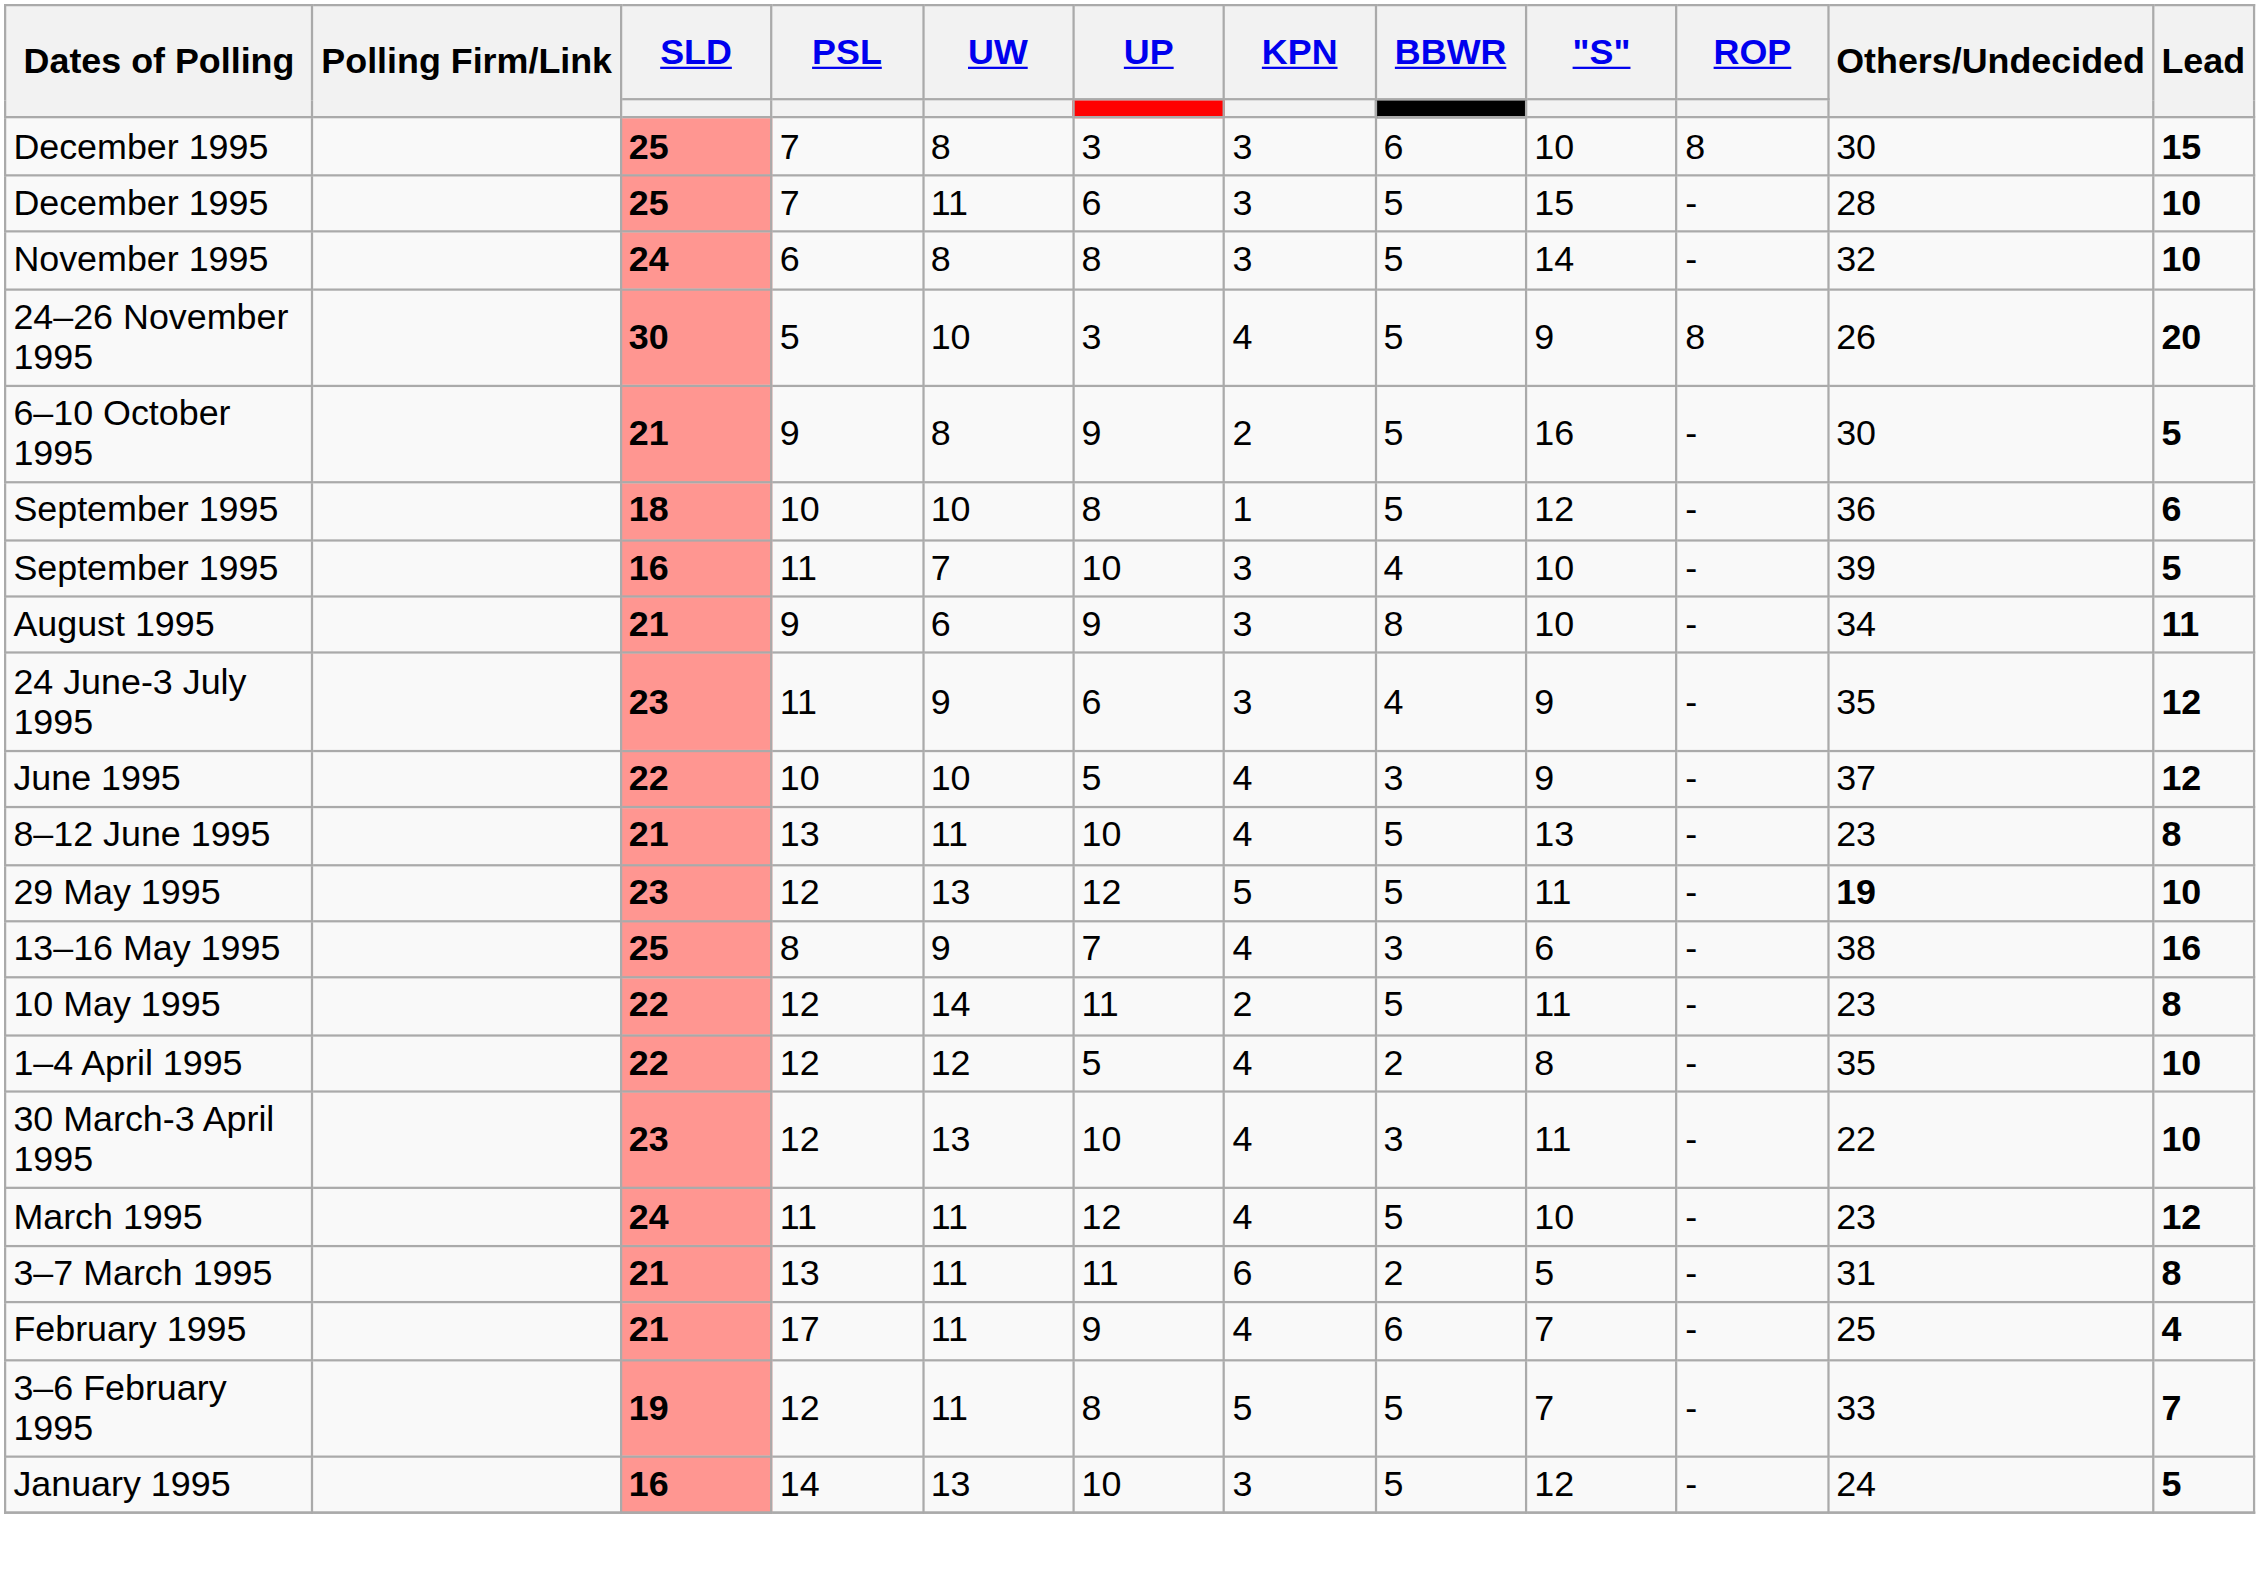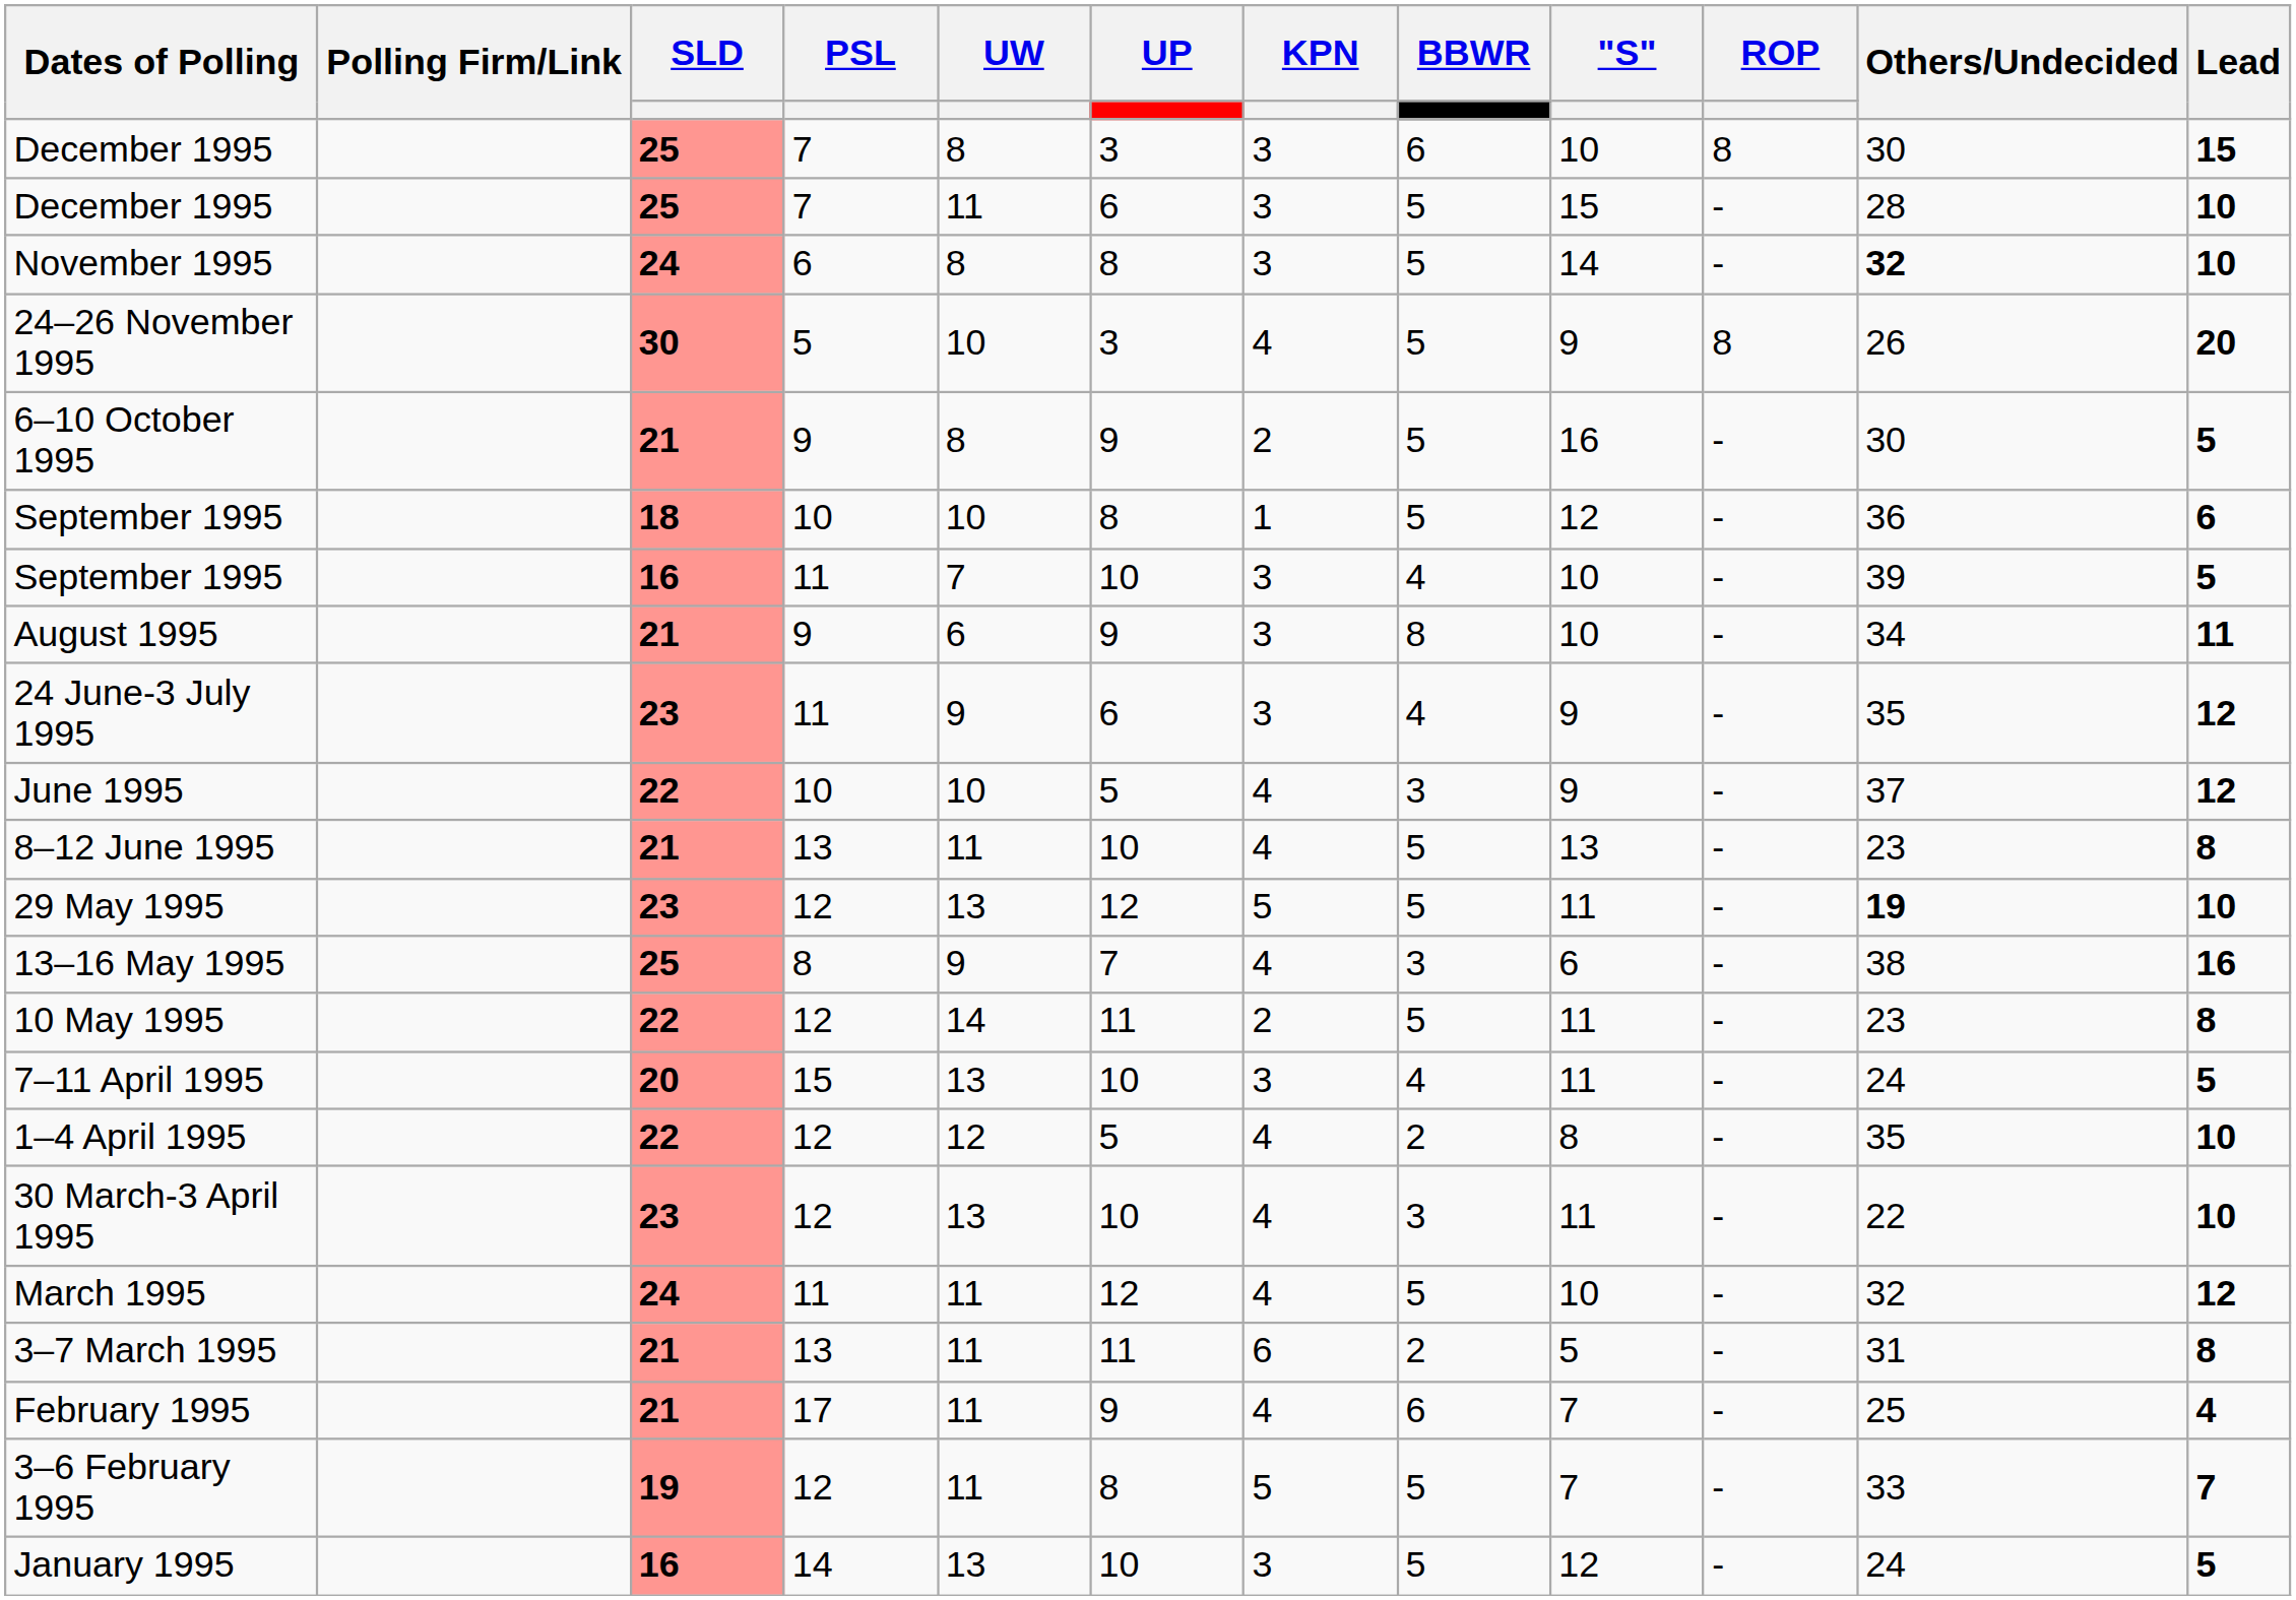 <table class="wikitable sortable collapsible">
 <tr style="height:42px; text-align:center; background-color:#E9E9E9">
 <th rowspan="2" data-sort-type="date" style="width:130px;">Dates of Polling</th>
 <th rowspan="2" style="width:130px;">Polling Firm/Link</th>
 <th style="width:60px;" class="unsortable"><a href='#'>SLD</a></th>
 <th style="width:60px;" class="unsortable"><a href='#'>PSL</a></th>
 <th style="width:60px;" class="unsortable"><a href='#'>UW</a></th>
 <th style="width:60px;" class="unsortable"><a href='#'>UP</a></th>
 <th style="width:60px;" class="unsortable"><a href='#'>KPN</a></th>
 <th style="width:60px;" class="unsortable"><a href='#'>BBWR</a></th>
 <th style="width:60px;" class="unsortable"><a href='#'>"S"</a></th>
 <th style="width:60px;" class="unsortable"><a href='#'>ROP</a></th>
 <th rowspan="2" data-sort-type="number" style="width:40px;">Others/Undecided</th>
 <th rowspan="2" data-sort-type="number" style="width:30px;">Lead</th>
 </tr>
 <tr>
 <th data-sort-type="number" style="height:1px; background:"></th>
 <th data-sort-type="number" style="height:1px; background:"></th>
 <th data-sort-type="number" style="height:1px; background:"></th>
 <th data-sort-type="number" style="height:1px; background:Red;"></th>
 <th data-sort-type="number" style="height:1px; background:"></th>
 <th data-sort-type="number" style="height:1px; background:Black;"></th>
 <th data-sort-type="number" style="height:1px; background:"></th>
 <th data-sort-type="number" style="height:1px; background:"></th>
 </tr>
 <tr>
 <td>December 1995</td>
 <td></td>
 <td style="background:#FF9691"><strong>25</strong></td>
 <td>7</td>
 <td>8</td>
 <td>3</td>
 <td>3</td>
 <td>6</td>
 <td>10</td>
 <td>8</td>
 <td>30</td>
 <td style="background:"><strong>15</strong></td>
 </tr>
 <tr>
 <td>December 1995</td>
 <td></td>
 <td style="background:#FF9691"><strong>25</strong></td>
 <td>7</td>
 <td>11</td>
 <td>6</td>
 <td>3</td>
 <td>5</td>
 <td>15</td>
 <td>-</td>
 <td>28</td>
 <td style="background:"><strong>10</strong></td>
 </tr>
 <tr>
 <td>November 1995</td>
 <td></td>
 <td style="background:#FF9691"><strong>24</strong></td>
 <td>6</td>
 <td>8</td>
 <td>8</td>
 <td>3</td>
 <td>5</td>
 <td>14</td>
 <td>-</td>
-<td>32</td>
+<td><strong>32</strong></td>
 <td style="background:"><strong>10</strong></td>
 </tr>
 <tr>
 <td>24–26 November 1995</td>
 <td></td>
 <td style="background:#FF9691"><strong>30</strong></td>
 <td>5</td>
 <td>10</td>
 <td>3</td>
 <td>4</td>
 <td>5</td>
 <td>9</td>
 <td>8</td>
 <td>26</td>
 <td style="background:"><strong>20</strong></td>
 </tr>
 <tr>
 <td>6–10 October 1995</td>
 <td></td>
 <td style="background:#FF9691"><strong>21</strong></td>
 <td>9</td>
 <td>8</td>
 <td>9</td>
 <td>2</td>
 <td>5</td>
 <td>16</td>
 <td>-</td>
 <td>30</td>
 <td style="background:"><strong>5</strong></td>
 </tr>
 <tr>
 <td>September 1995</td>
 <td></td>
 <td style="background:#FF9691"><strong>18</strong></td>
 <td>10</td>
 <td>10</td>
 <td>8</td>
 <td>1</td>
 <td>5</td>
 <td>12</td>
 <td>-</td>
 <td>36</td>
 <td style="background:"><strong>6</strong></td>
 </tr>
 <tr>
 <td>September 1995</td>
 <td></td>
 <td style="background:#FF9691"><strong>16</strong></td>
 <td>11</td>
 <td>7</td>
 <td>10</td>
 <td>3</td>
 <td>4</td>
 <td>10</td>
 <td>-</td>
 <td>39</td>
 <td style="background:"><strong>5</strong></td>
 </tr>
 <tr>
 <td>August 1995</td>
 <td></td>
 <td style="background:#FF9691"><strong>21</strong></td>
 <td>9</td>
 <td>6</td>
 <td>9</td>
 <td>3</td>
 <td>8</td>
 <td>10</td>
 <td>-</td>
 <td>34</td>
 <td style="background:"><strong>11</strong></td>
 </tr>
 <tr>
 <td>24 June-3 July 1995</td>
 <td></td>
 <td style="background:#FF9691"><strong>23</strong></td>
 <td>11</td>
 <td>9</td>
 <td>6</td>
 <td>3</td>
 <td>4</td>
 <td>9</td>
 <td>-</td>
 <td>35</td>
 <td style="background:"><strong>12</strong></td>
 </tr>
 <tr>
 <td>June 1995</td>
 <td></td>
 <td style="background:#FF9691"><strong>22</strong></td>
 <td>10</td>
 <td>10</td>
 <td>5</td>
 <td>4</td>
 <td>3</td>
 <td>9</td>
 <td>-</td>
 <td>37</td>
 <td style="background:"><strong>12</strong></td>
 </tr>
 <tr>
 <td>8–12 June 1995</td>
 <td></td>
 <td style="background:#FF9691"><strong>21</strong></td>
 <td>13</td>
 <td>11</td>
 <td>10</td>
 <td>4</td>
 <td>5</td>
 <td>13</td>
 <td>-</td>
 <td>23</td>
 <td style="background:"><strong>8</strong></td>
 </tr>
 <tr>
 <td>29 May 1995</td>
 <td></td>
 <td style="background:#FF9691"><strong>23</strong></td>
 <td>12</td>
 <td>13</td>
 <td>12</td>
 <td>5</td>
 <td>5</td>
 <td>11</td>
 <td>-</td>
 <td><strong>19</strong></td>
 <td style="background:"><strong>10</strong></td>
 </tr>
 <tr>
 <td>13–16 May 1995</td>
 <td></td>
 <td style="background:#FF9691"><strong>25</strong></td>
 <td>8</td>
 <td>9</td>
 <td>7</td>
 <td>4</td>
 <td>3</td>
 <td>6</td>
 <td>-</td>
 <td>38</td>
 <td style="background:"><strong>16</strong></td>
 </tr>
 <tr>
 <td>10 May 1995</td>
 <td></td>
 <td style="background:#FF9691"><strong>22</strong></td>
 <td>12</td>
 <td>14</td>
 <td>11</td>
 <td>2</td>
 <td>5</td>
 <td>11</td>
 <td>-</td>
 <td>23</td>
 <td style="background:"><strong>8</strong></td>
 </tr>
 <tr>
+<td>7–11 April 1995</td>
+<td></td>
+<td style="background:#FF9691"><strong>20</strong></td>
+<td>15</td>
+<td>13</td>
+<td>10</td>
+<td>3</td>
+<td>4</td>
+<td>11</td>
+<td>-</td>
+<td>24</td>
+<td style="background:"><strong>5</strong></td>
+</tr>
+<tr>
 <td>1–4 April 1995</td>
 <td></td>
 <td style="background:#FF9691"><strong>22</strong></td>
 <td>12</td>
 <td>12</td>
 <td>5</td>
 <td>4</td>
 <td>2</td>
 <td>8</td>
 <td>-</td>
 <td>35</td>
 <td style="background:"><strong>10</strong></td>
 </tr>
 <tr>
 <td>30 March-3 April 1995</td>
 <td></td>
 <td style="background:#FF9691"><strong>23</strong></td>
 <td>12</td>
 <td>13</td>
 <td>10</td>
 <td>4</td>
 <td>3</td>
 <td>11</td>
 <td>-</td>
 <td>22</td>
 <td style="background:"><strong>10</strong></td>
 </tr>
 <tr>
 <td>March 1995</td>
 <td></td>
 <td style="background:#FF9691"><strong>24</strong></td>
 <td>11</td>
 <td>11</td>
 <td>12</td>
 <td>4</td>
 <td>5</td>
 <td>10</td>
 <td>-</td>
-<td>23</td>
+<td>32</td>
 <td style="background:"><strong>12</strong></td>
 </tr>
 <tr>
 <td>3–7 March 1995</td>
 <td></td>
 <td style="background:#FF9691"><strong>21</strong></td>
 <td>13</td>
 <td>11</td>
 <td>11</td>
 <td>6</td>
 <td>2</td>
 <td>5</td>
 <td>-</td>
 <td>31</td>
 <td style="background:"><strong>8</strong></td>
 </tr>
 <tr>
 <td>February 1995</td>
 <td></td>
 <td style="background:#FF9691"><strong>21</strong></td>
 <td>17</td>
 <td>11</td>
 <td>9</td>
 <td>4</td>
 <td>6</td>
 <td>7</td>
 <td>-</td>
 <td>25</td>
 <td style="background:"><strong>4</strong></td>
 </tr>
 <tr>
 <td>3–6 February 1995</td>
 <td></td>
 <td style="background:#FF9691"><strong>19</strong></td>
 <td>12</td>
 <td>11</td>
 <td>8</td>
 <td>5</td>
 <td>5</td>
 <td>7</td>
 <td>-</td>
 <td>33</td>
 <td style="background:"><strong>7</strong></td>
 </tr>
 <tr>
 <td>January 1995</td>
 <td></td>
 <td style="background:#FF9691"><strong>16</strong></td>
 <td>14</td>
 <td>13</td>
 <td>10</td>
 <td>3</td>
 <td>5</td>
 <td>12</td>
 <td>-</td>
 <td>24</td>
 <td style="background:"><strong>5</strong></td>
 </tr>
 <tr>
 </tr>
 </table>
